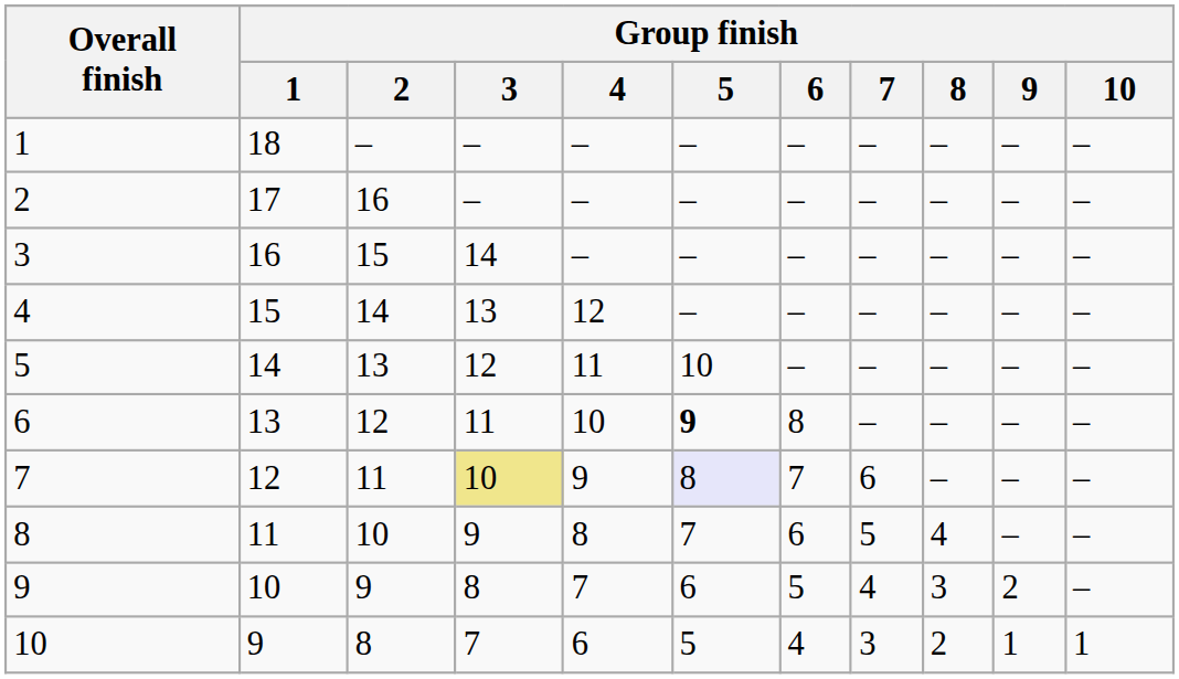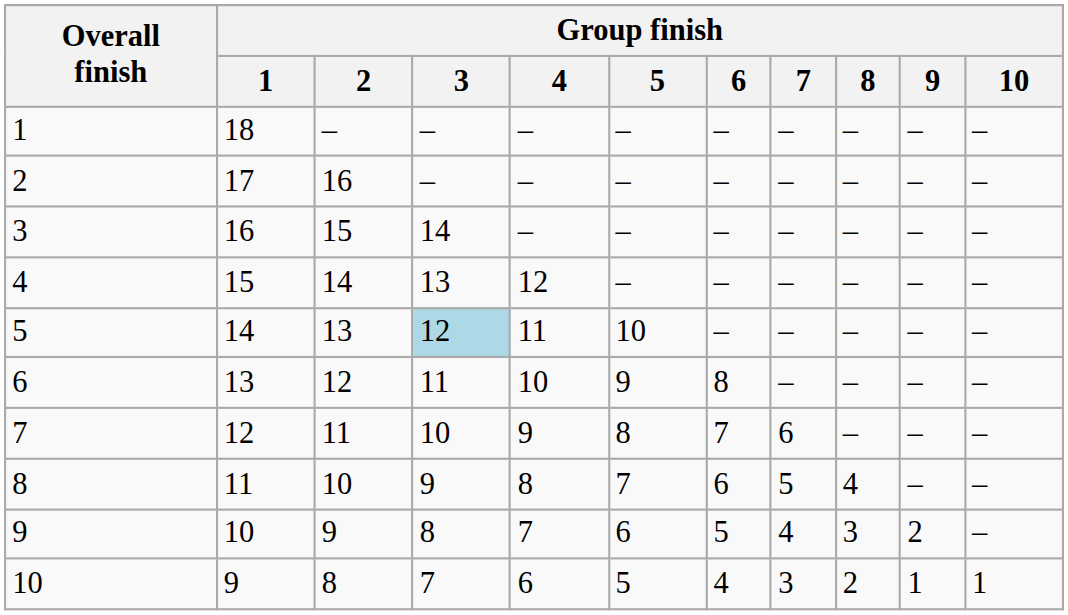 <table class="wikitable" width="100%" align=center style="font-size:90%; max-width: 500px;">
 <tr>
 </tr>
 <tr style="background:#efefef;">
 <th rowspan=2 width=20%>Overall<br>finish</th>
 <th colspan=10>Group finish</th>
 </tr>
 <tr>
 <th>1</th>
 <th>2</th>
 <th>3</th>
 <th>4</th>
 <th>5</th>
 <th>6</th>
 <th>7</th>
 <th>8</th>
 <th>9</th>
 <th>10</th>
 </tr>
 <tr>
 <td>1</td>
 <td>18</td>
 <td>–</td>
 <td>–</td>
 <td>–</td>
 <td>–</td>
 <td>–</td>
 <td>–</td>
 <td>–</td>
 <td>–</td>
 <td>–</td>
 </tr>
 <tr>
 <td>2</td>
 <td>17</td>
 <td>16</td>
 <td>–</td>
 <td>–</td>
 <td>–</td>
 <td>–</td>
 <td>–</td>
 <td>–</td>
 <td>–</td>
 <td>–</td>
 </tr>
 <tr>
 <td>3</td>
 <td>16</td>
 <td>15</td>
 <td>14</td>
 <td>–</td>
 <td>–</td>
 <td>–</td>
 <td>–</td>
 <td>–</td>
 <td>–</td>
 <td>–</td>
 </tr>
 <tr>
 <td>4</td>
 <td>15</td>
 <td>14</td>
 <td>13</td>
 <td>12</td>
 <td>–</td>
 <td>–</td>
 <td>–</td>
 <td>–</td>
 <td>–</td>
 <td>–</td>
 </tr>
 <tr>
 <td>5</td>
 <td>14</td>
 <td>13</td>
-<td>12</td>
+<td style="background: lightblue;">12</td>
 <td>11</td>
 <td>10</td>
 <td>–</td>
 <td>–</td>
 <td>–</td>
 <td>–</td>
 <td>–</td>
 </tr>
 <tr>
 <td>6</td>
 <td>13</td>
 <td>12</td>
 <td>11</td>
 <td>10</td>
-<td><strong>9</strong></td>
+<td>9</td>
 <td>8</td>
 <td>–</td>
 <td>–</td>
 <td>–</td>
 <td>–</td>
 </tr>
 <tr>
 <td>7</td>
 <td>12</td>
 <td>11</td>
-<td style="background: khaki;">10</td>
+<td>10</td>
 <td>9</td>
-<td style="background: lavender;">8</td>
+<td>8</td>
 <td>7</td>
 <td>6</td>
 <td>–</td>
 <td>–</td>
 <td>–</td>
 </tr>
 <tr>
 <td>8</td>
 <td>11</td>
 <td>10</td>
 <td>9</td>
 <td>8</td>
 <td>7</td>
 <td>6</td>
 <td>5</td>
 <td>4</td>
 <td>–</td>
 <td>–</td>
 </tr>
 <tr>
 <td>9</td>
 <td>10</td>
 <td>9</td>
 <td>8</td>
 <td>7</td>
 <td>6</td>
 <td>5</td>
 <td>4</td>
 <td>3</td>
 <td>2</td>
 <td>–</td>
 </tr>
 <tr>
 <td>10</td>
 <td>9</td>
 <td>8</td>
 <td>7</td>
 <td>6</td>
 <td>5</td>
 <td>4</td>
 <td>3</td>
 <td>2</td>
 <td>1</td>
 <td>1</td>
 </tr>
 </table>
